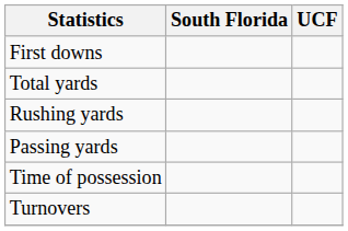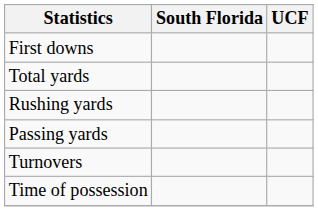 <table class="wikitable">
 <tr>
 <th>Statistics</th>
 <th>South Florida</th>
 <th>UCF</th>
 </tr>
 <tr>
 <td>First downs</td>
 <td> </td>
 <td> </td>
 </tr>
 <tr>
 <td>Total yards</td>
 <td> </td>
 <td> </td>
 </tr>
 <tr>
 <td>Rushing yards</td>
 <td> </td>
 <td> </td>
 </tr>
 <tr>
 <td>Passing yards</td>
 <td> </td>
 <td> </td>
 </tr>
 <tr>
-<td>Time of possession</td>
+<td>Turnovers</td>
 <td> </td>
 <td> </td>
 </tr>
 <tr>
-<td>Turnovers</td>
+<td>Time of possession</td>
 <td> </td>
 <td> </td>
 </tr>
 <tr>
 </tr>
 </table>
